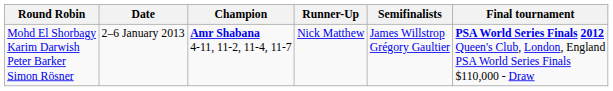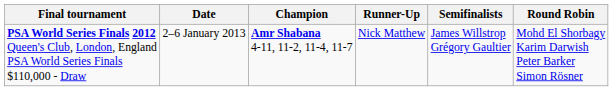 <table class="wikitable" style="font-size:88%">
 <tr>
-<th>Round Robin</th>
+<th>Final tournament</th>
 <th>Date</th>
 <th>Champion</th>
 <th>Runner-Up</th>
 <th>Semifinalists</th>
-<th>Final tournament</th>
+<th>Round Robin</th>
 </tr>
 <tr valign=top>
-<td> <a href='#'>Mohd El Shorbagy</a> <br>  <a href='#'>Karim Darwish</a> <br>  <a href='#'>Peter Barker</a> <br> <a href='#'>Simon Rösner</a></td>
+<td><strong><a href='#'>PSA World Series Finals</a> <a href='#'>2012</a></strong><br> <a href='#'>Queen's Club</a>, <a href='#'>London</a>, England<br><a href='#'>PSA World Series Finals</a><br>$110,000 - <a href='#'>Draw</a></td>
 <td>2–6 January 2013</td>
 <td> <strong><a href='#'>Amr Shabana</a></strong><br>4-11, 11-2, 11-4, 11-7</td>
 <td> <a href='#'>Nick Matthew</a></td>
 <td> <a href='#'>James Willstrop</a> <br> <a href='#'>Grégory Gaultier</a></td>
-<td><strong><a href='#'>PSA World Series Finals</a> <a href='#'>2012</a></strong><br> <a href='#'>Queen's Club</a>, <a href='#'>London</a>, England<br><a href='#'>PSA World Series Finals</a><br>$110,000 - <a href='#'>Draw</a></td>
+<td> <a href='#'>Mohd El Shorbagy</a> <br>  <a href='#'>Karim Darwish</a> <br>  <a href='#'>Peter Barker</a> <br> <a href='#'>Simon Rösner</a></td>
 </tr>
 </table>
